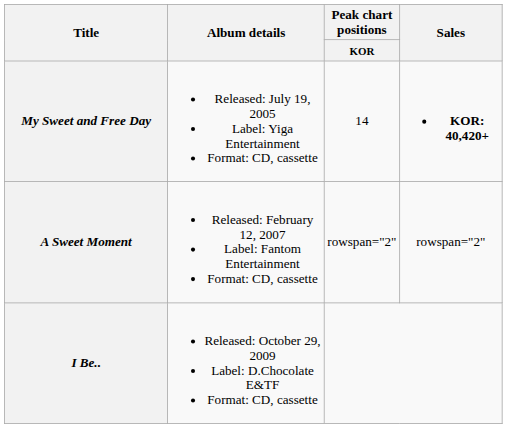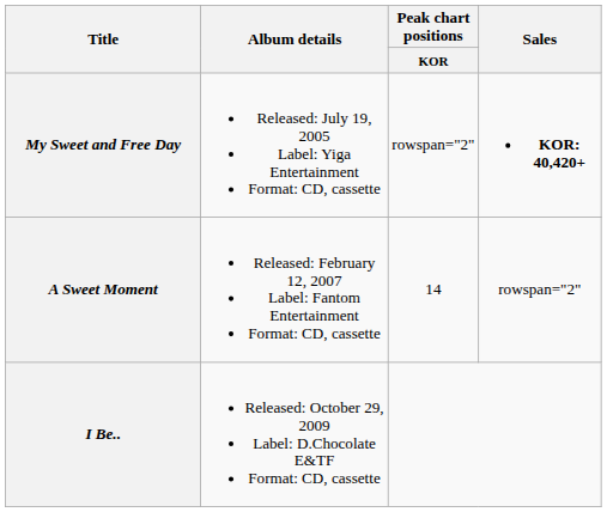 <table class="wikitable plainrowheaders" style="text-align:center;">
 <tr>
 <th scope="col" rowspan="2" style="width:12em;">Title</th>
 <th scope="col" rowspan="2">Album details</th>
 <th scope="col" colspan="1" style="width:5em;">Peak chart positions</th>
 <th scope="col" rowspan="2">Sales</th>
 </tr>
 <tr>
 <th><small>KOR</small><br></th>
 </tr>
 <tr>
 <th scope="row"><em>My Sweet and Free Day</em></th>
 <td><br><ul><li>Released: July 19, 2005</li><li>Label: Yiga Entertainment</li><li>Format: CD, cassette</li></ul></td>
-<td>14</td>
+<td>rowspan="2" </td>
 <td><strong><br><ul><li>KOR: 40,420+</li></ul></strong></td>
 </tr>
 <tr>
 <th scope="row"><em>A Sweet Moment</em></th>
 <td><br><ul><li>Released: February 12, 2007</li><li>Label: Fantom Entertainment</li><li>Format: CD, cassette</li></ul></td>
-<td>rowspan="2" </td>
+<td>14</td>
 <td>rowspan="2" </td>
 </tr>
 <tr>
 <th scope="row"><em>I Be..</em></th>
 <td><br><ul><li>Released: October 29, 2009</li><li>Label: D.Chocolate E&TF</li><li>Format: CD, cassette</li></ul></td>
 </tr>
 </table>
